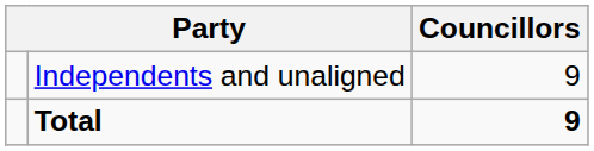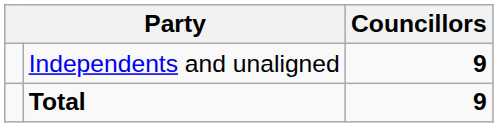 <table class="wikitable">
 <tr>
 <th colspan="2">Party</th>
 <th>Councillors</th>
 </tr>
 <tr>
 <td> </td>
 <td><a href='#'>Independents</a> and unaligned</td>
-<td align=right>9</td>
+<td align=right><strong>9</strong></td>
 </tr>
 <tr>
 <td></td>
 <td><strong>Total</strong></td>
 <td align=right><strong>9</strong></td>
 </tr>
 </table>
